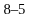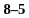 <table style="text-align:center">
 <tr>
 <th width=200></th>
 <th width=100></th>
 <th width=200></th>
 </tr>
 <tr>
 <td align=right><strong></strong></td>
-<td>8–5</td>
+<td><strong>8–5</strong></td>
 <td align=left></td>
 </tr>
 </table>
